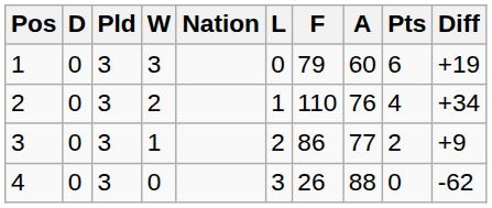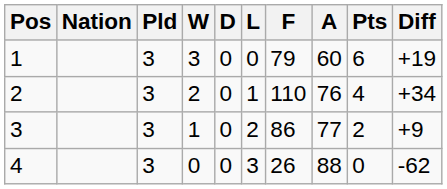 <table class="wikitable">
 <tr>
 <th>Pos</th>
-<th>D</th>
+<th>Nation</th>
 <th>Pld</th>
 <th>W</th>
-<th>Nation</th>
+<th>D</th>
 <th>L</th>
 <th>F</th>
 <th>A</th>
 <th>Pts</th>
 <th>Diff</th>
 </tr>
 <tr>
 <td>1</td>
-<td>0</td>
+<td></td>
 <td>3</td>
 <td>3</td>
-<td></td>
+<td>0</td>
 <td>0</td>
 <td>79</td>
 <td>60</td>
 <td>6</td>
 <td>+19</td>
 </tr>
 <tr>
 <td>2</td>
-<td>0</td>
+<td></td>
 <td>3</td>
 <td>2</td>
-<td></td>
+<td>0</td>
 <td>1</td>
 <td>110</td>
 <td>76</td>
 <td>4</td>
 <td>+34</td>
 </tr>
 <tr>
 <td>3</td>
-<td>0</td>
+<td></td>
 <td>3</td>
 <td>1</td>
-<td></td>
+<td>0</td>
 <td>2</td>
 <td>86</td>
 <td>77</td>
 <td>2</td>
 <td>+9</td>
 </tr>
 <tr>
 <td>4</td>
-<td>0</td>
+<td></td>
 <td>3</td>
 <td>0</td>
-<td></td>
+<td>0</td>
 <td>3</td>
 <td>26</td>
 <td>88</td>
 <td>0</td>
 <td>-62</td>
 </tr>
 </table>
